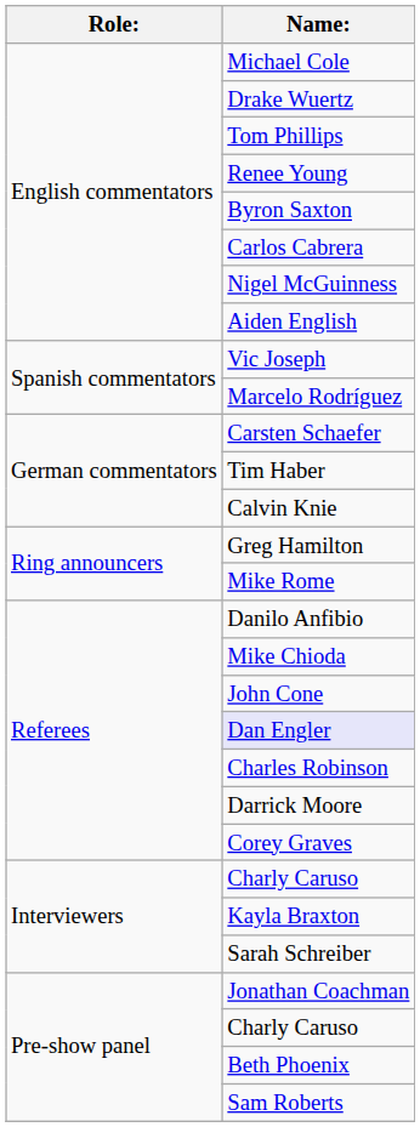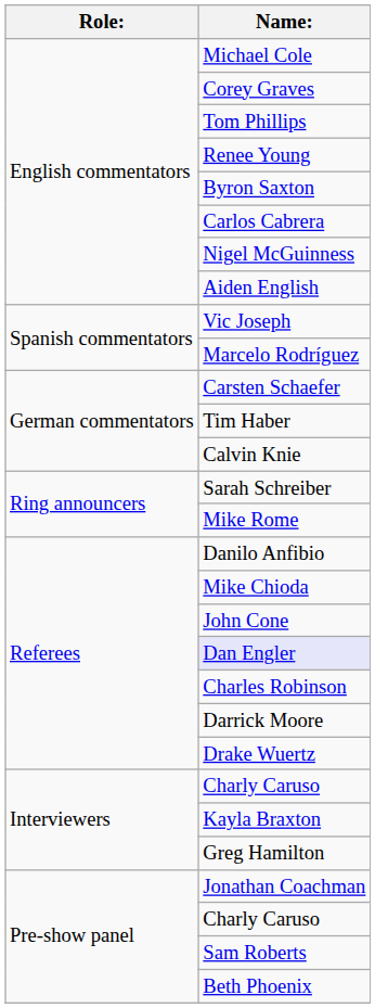 <table class=wikitable style="font-size:90%; margin: 0.5em 0 0.5em 1em; float: right; clear: right;">
 <tr>
 <th>Role:</th>
 <th>Name:</th>
 </tr>
 <tr>
 <td rowspan=8>English commentators</td>
 <td><a href='#'>Michael Cole</a> </td>
 </tr>
 <tr>
-<td><a href='#'>Drake Wuertz</a></td>
+<td><a href='#'>Corey Graves</a> </td>
 </tr>
 <tr>
 <td><a href='#'>Tom Phillips</a> </td>
 </tr>
 <tr>
 <td><a href='#'>Renee Young</a> </td>
 </tr>
 <tr>
 <td><a href='#'>Byron Saxton</a> </td>
 </tr>
 <tr>
 <td><a href='#'>Carlos Cabrera</a></td>
 </tr>
 <tr>
 <td><a href='#'>Nigel McGuinness</a> </td>
 </tr>
 <tr>
 <td><a href='#'>Aiden English</a> </td>
 </tr>
 <tr>
 <td rowspan=2>Spanish commentators</td>
 <td><a href='#'>Vic Joseph</a> </td>
 </tr>
 <tr>
 <td><a href='#'>Marcelo Rodríguez</a></td>
 </tr>
 <tr>
 <td rowspan=3>German commentators</td>
 <td><a href='#'>Carsten Schaefer</a></td>
 </tr>
 <tr>
 <td>Tim Haber</td>
 </tr>
 <tr>
 <td>Calvin Knie</td>
 </tr>
 <tr>
 <td rowspan=2><a href='#'>Ring announcers</a></td>
-<td>Greg Hamilton </td>
+<td>Sarah Schreiber</td>
 </tr>
 <tr>
 <td><a href='#'>Mike Rome</a> </td>
 </tr>
 <tr>
 <td rowspan=7><a href='#'>Referees</a></td>
 <td>Danilo Anfibio</td>
 </tr>
 <tr>
 <td><a href='#'>Mike Chioda</a></td>
 </tr>
 <tr>
 <td><a href='#'>John Cone</a></td>
 </tr>
 <tr>
 <td style="background: lavender;"><a href='#'>Dan Engler</a></td>
 </tr>
 <tr>
 <td><a href='#'>Charles Robinson</a></td>
 </tr>
 <tr>
 <td>Darrick Moore</td>
 </tr>
 <tr>
-<td><a href='#'>Corey Graves</a> </td>
+<td><a href='#'>Drake Wuertz</a></td>
 </tr>
 <tr>
 <td rowspan=3>Interviewers</td>
 <td><a href='#'>Charly Caruso</a></td>
 </tr>
 <tr>
 <td><a href='#'>Kayla Braxton</a></td>
 </tr>
 <tr>
-<td>Sarah Schreiber</td>
+<td>Greg Hamilton </td>
 </tr>
 <tr>
 <td rowspan=4>Pre-show panel</td>
 <td><a href='#'>Jonathan Coachman</a></td>
 </tr>
 <tr>
 <td>Charly Caruso</td>
 </tr>
 <tr>
-<td><a href='#'>Beth Phoenix</a></td>
+<td><a href='#'>Sam Roberts</a></td>
 </tr>
 <tr>
-<td><a href='#'>Sam Roberts</a></td>
+<td><a href='#'>Beth Phoenix</a></td>
 </tr>
 <tr>
 </tr>
 </table>
